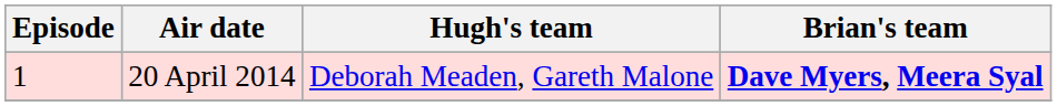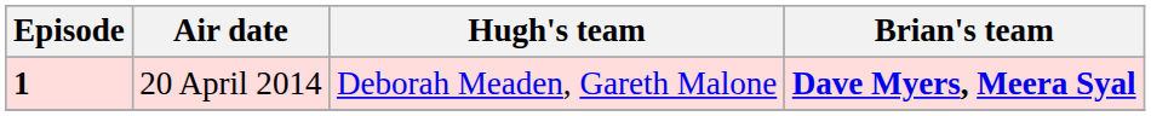 <table class="wikitable">
 <tr>
 <th>Episode</th>
 <th>Air date</th>
 <th>Hugh's team</th>
 <th>Brian's team</th>
 </tr>
 <tr style="background:#fdd;">
-<td>1</td>
+<td><strong>1</strong></td>
 <td>20 April 2014</td>
 <td><a href='#'>Deborah Meaden</a>, <a href='#'>Gareth Malone</a></td>
 <td><strong><a href='#'>Dave Myers</a>, <a href='#'>Meera Syal</a></strong></td>
 </tr>
 <tr>
 </tr>
 </table>
